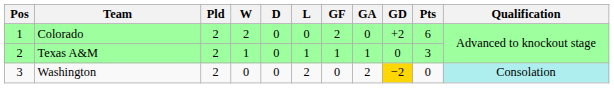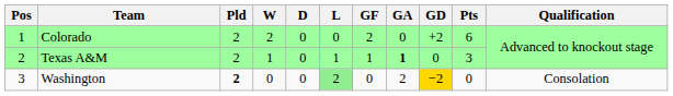 <table class="wikitable" style="text-align:center; margin: 1em auto">
 <tr>
 <th style=width:2em>Pos</th>
 <th style=width:13em>Team</th>
 <th style=width:2em>Pld</th>
 <th style=width:2em>W</th>
 <th style=width:2em>D</th>
 <th style=width:2em>L</th>
 <th style=width:2em>GF</th>
 <th style=width:2em>GA</th>
 <th style=width:2em>GD</th>
 <th style=width:2em>Pts</th>
 <th style=width:13em>Qualification</th>
 </tr>
 <tr bgcolor="#9eff9e">
 <td>1</td>
 <td style="text-align:left">Colorado</td>
 <td>2</td>
 <td>2</td>
 <td>0</td>
 <td>0</td>
 <td>2</td>
 <td>0</td>
 <td>+2</td>
 <td>6</td>
 <td rowspan="2">Advanced to knockout stage</td>
 </tr>
 <tr bgcolor="#9eff9e">
 <td>2</td>
 <td style="text-align:left">Texas A&M</td>
 <td>2</td>
 <td>1</td>
 <td>0</td>
 <td>1</td>
 <td>1</td>
-<td>1</td>
+<td><strong>1</strong></td>
 <td>0</td>
 <td>3</td>
 </tr>
 <tr>
 <td>3</td>
 <td style="text-align:left">Washington</td>
-<td>2</td>
+<td><strong>2</strong></td>
 <td>0</td>
 <td>0</td>
-<td>2</td>
+<td style="background: lightgreen;">2</td>
 <td>0</td>
 <td>2</td>
 <td style="background: gold;">−2</td>
 <td>0</td>
-<td style="background: paleturquoise;">Consolation</td>
+<td>Consolation</td>
 </tr>
 </table>
